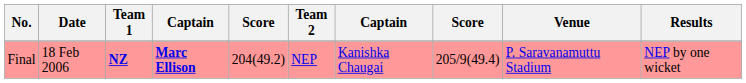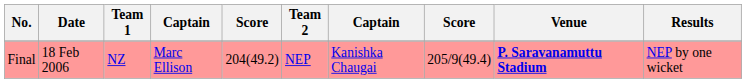 <table class="wikitable">
 <tr>
 <th>No.</th>
 <th>Date</th>
 <th>Team 1</th>
 <th>Captain</th>
 <th>Score</th>
 <th>Team 2</th>
 <th>Captain</th>
 <th>Score</th>
 <th>Venue</th>
 <th>Results</th>
 </tr>
 <tr>
 </tr>
 <tr bgcolor="FF9999">
 <td>Final</td>
 <td>18 Feb 2006</td>
-<td><strong><a href='#'>NZ</a></strong></td>
-<td><strong><a href='#'>Marc Ellison</a></strong></td>
+<td><a href='#'>NZ</a></td>
+<td><a href='#'>Marc Ellison</a></td>
 <td>204(49.2)</td>
 <td><a href='#'>NEP</a></td>
 <td><a href='#'>Kanishka Chaugai</a></td>
 <td>205/9(49.4)</td>
-<td><a href='#'>P. Saravanamuttu Stadium</a></td>
+<td><strong><a href='#'>P. Saravanamuttu Stadium</a></strong></td>
 <td><a href='#'>NEP</a> by one wicket</td>
 </tr>
 </table>
